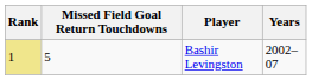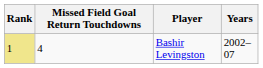 <table class="wikitable" style="width:60%;">
 <tr>
 <th>Rank</th>
 <th>Missed Field Goal Return Touchdowns</th>
 <th>Player</th>
 <th>Years</th>
 </tr>
 <tr>
 <td style="background: khaki;">1</td>
-<td>5</td>
+<td>4</td>
 <td><a href='#'>Bashir Levingston</a></td>
 <td>2002–07</td>
 </tr>
 </table>
